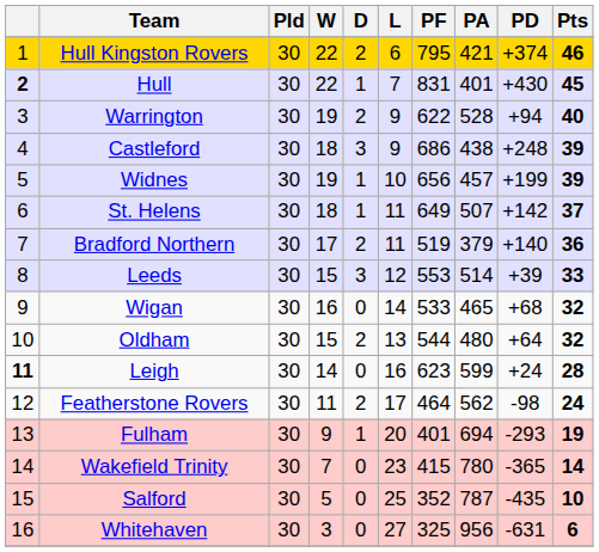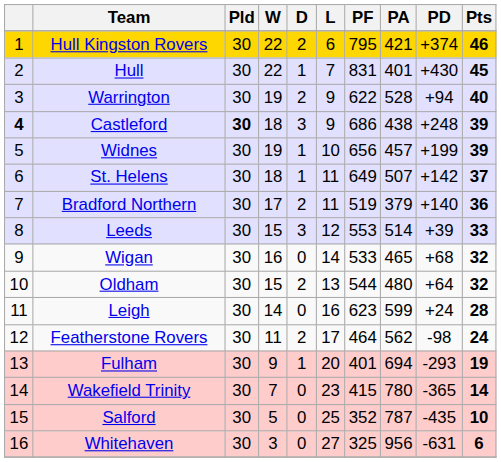 <table class="wikitable" style="text-align:center;">
 <tr>
 <th width=20 abbr="Position"></th>
 <th width=175>Team</th>
 <th width=20 abbr="Played">Pld</th>
 <th width=20 abbr="Won">W</th>
 <th width=20 abbr="Drawn">D</th>
 <th width=20 abbr="Lost">L</th>
 <th width=20 abbr="Points for">PF</th>
 <th width=20 abbr="Points against">PA</th>
 <th width=20 abbr="Points difference">PD</th>
 <th width=20 abbr="Points">Pts</th>
 </tr>
 <tr>
 </tr>
 <tr align=center style="background:#FFD700;">
 <td>1</td>
 <td style="text-align:center;"> <a href='#'>Hull Kingston Rovers</a></td>
 <td>30</td>
 <td>22</td>
 <td>2</td>
 <td>6</td>
 <td>795</td>
 <td>421</td>
 <td>+374</td>
 <td><strong>46</strong></td>
 </tr>
 <tr align=center style="background:#e1e1ff;">
-<td><strong>2</strong></td>
+<td>2</td>
 <td style="text-align:center;"> <a href='#'>Hull</a></td>
 <td>30</td>
 <td>22</td>
 <td>1</td>
 <td>7</td>
 <td>831</td>
 <td>401</td>
 <td>+430</td>
 <td><strong>45</strong></td>
 </tr>
 <tr align=center style="background:#e1e1ff;">
 <td>3</td>
 <td style="text-align:center;"> <a href='#'>Warrington</a></td>
 <td>30</td>
 <td>19</td>
 <td>2</td>
 <td>9</td>
 <td>622</td>
 <td>528</td>
 <td>+94</td>
 <td><strong>40</strong></td>
 </tr>
 <tr align=center style="background:#e1e1ff;">
-<td>4</td>
+<td><strong>4</strong></td>
 <td style="text-align:center;"> <a href='#'>Castleford</a></td>
-<td>30</td>
+<td><strong>30</strong></td>
 <td>18</td>
 <td>3</td>
 <td>9</td>
 <td>686</td>
 <td>438</td>
 <td>+248</td>
 <td><strong>39</strong></td>
 </tr>
 <tr align=center style="background:#e1e1ff;">
 <td>5</td>
 <td style="text-align:center;"> <a href='#'>Widnes</a></td>
 <td>30</td>
 <td>19</td>
 <td>1</td>
 <td>10</td>
 <td>656</td>
 <td>457</td>
 <td>+199</td>
 <td><strong>39</strong></td>
 </tr>
 <tr align=center style="background:#e1e1ff;">
 <td>6</td>
 <td style="text-align:center;"> <a href='#'>St. Helens</a></td>
 <td>30</td>
 <td>18</td>
 <td>1</td>
 <td>11</td>
 <td>649</td>
 <td>507</td>
 <td>+142</td>
 <td><strong>37</strong></td>
 </tr>
 <tr align=center style="background:#e1e1ff;">
 <td>7</td>
 <td style="text-align:center;"> <a href='#'>Bradford Northern</a></td>
 <td>30</td>
 <td>17</td>
 <td>2</td>
 <td>11</td>
 <td>519</td>
 <td>379</td>
 <td>+140</td>
 <td><strong>36</strong></td>
 </tr>
 <tr align=center style="background:#e1e1ff;">
 <td>8</td>
 <td style="text-align:center;"> <a href='#'>Leeds</a></td>
 <td>30</td>
 <td>15</td>
 <td>3</td>
 <td>12</td>
 <td>553</td>
 <td>514</td>
 <td>+39</td>
 <td><strong>33</strong></td>
 </tr>
 <tr align=center style="background:">
 <td>9</td>
 <td style="text-align:center;"> <a href='#'>Wigan</a></td>
 <td>30</td>
 <td>16</td>
 <td>0</td>
 <td>14</td>
 <td>533</td>
 <td>465</td>
 <td>+68</td>
 <td><strong>32</strong></td>
 </tr>
 <tr align=center style="background:">
 <td>10</td>
 <td style="text-align:center;"> <a href='#'>Oldham</a></td>
 <td>30</td>
 <td>15</td>
 <td>2</td>
 <td>13</td>
 <td>544</td>
 <td>480</td>
 <td>+64</td>
 <td><strong>32</strong></td>
 </tr>
 <tr align=center style="background:">
-<td><strong>11</strong></td>
+<td>11</td>
 <td style="text-align:center;"> <a href='#'>Leigh</a></td>
 <td>30</td>
 <td>14</td>
 <td>0</td>
 <td>16</td>
 <td>623</td>
 <td>599</td>
 <td>+24</td>
 <td><strong>28</strong></td>
 </tr>
 <tr align=center style="background:">
 <td>12</td>
 <td style="text-align:center;"> <a href='#'>Featherstone Rovers</a></td>
 <td>30</td>
 <td>11</td>
 <td>2</td>
 <td>17</td>
 <td>464</td>
 <td>562</td>
 <td>-98</td>
 <td><strong>24</strong></td>
 </tr>
 <tr align=center style="background:#FFCCCC">
 <td>13</td>
 <td style="text-align:center;"><a href='#'>Fulham</a></td>
 <td>30</td>
 <td>9</td>
 <td>1</td>
 <td>20</td>
 <td>401</td>
 <td>694</td>
 <td>-293</td>
 <td><strong>19</strong></td>
 </tr>
 <tr align=center style="background:#FFCCCC">
 <td>14</td>
 <td style="text-align:center;"> <a href='#'>Wakefield Trinity</a></td>
 <td>30</td>
 <td>7</td>
 <td>0</td>
 <td>23</td>
 <td>415</td>
 <td>780</td>
 <td>-365</td>
 <td><strong>14</strong></td>
 </tr>
 <tr align=center style="background:#FFCCCC">
 <td>15</td>
 <td style="text-align:center;"> <a href='#'>Salford</a></td>
 <td>30</td>
 <td>5</td>
 <td>0</td>
 <td>25</td>
 <td>352</td>
 <td>787</td>
 <td>-435</td>
 <td><strong>10</strong></td>
 </tr>
 <tr align=center style="background:#FFCCCC">
 <td>16</td>
 <td style="text-align:center;"> <a href='#'>Whitehaven</a></td>
 <td>30</td>
 <td>3</td>
 <td>0</td>
 <td>27</td>
 <td>325</td>
 <td>956</td>
 <td>-631</td>
 <td><strong>6</strong></td>
 </tr>
 <tr --->
 </tr>
 </table>
